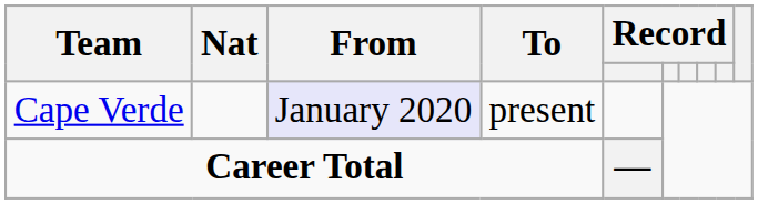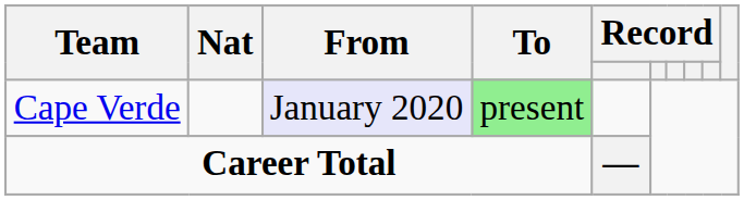 <table class="wikitable" style="text-align: center">
 <tr>
 <th rowspan="2">Team</th>
 <th rowspan="2">Nat</th>
 <th rowspan="2">From</th>
 <th rowspan="2">To</th>
 <th colspan="5">Record</th>
 <th rowspan=2></th>
 </tr>
 <tr>
 <th></th>
 <th></th>
 <th></th>
 <th></th>
 <th></th>
 </tr>
 <tr>
 <td align="left"><a href='#'>Cape Verde</a></td>
 <td align="center"></td>
 <td align="center" style="background: lavender;">January 2020</td>
-<td align="center">present<br></td>
+<td align="center" style="background: lightgreen;">present<br></td>
 <td></td>
 </tr>
 <tr>
 <td colspan=4><strong>Career Total</strong><br></td>
 <th>—</th>
 </tr>
 </table>
